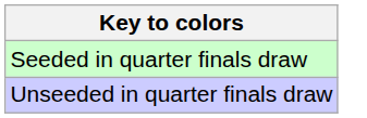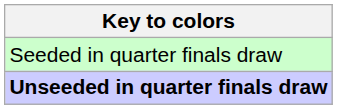 <table class="wikitable">
 <tr>
 <th>Key to colors</th>
 </tr>
 <tr bgcolor=#ccffcc>
 <td>Seeded in quarter finals draw</td>
 </tr>
 <tr bgcolor=#ccccff>
-<td>Unseeded in quarter finals draw</td>
+<td><strong>Unseeded in quarter finals draw</strong></td>
 </tr>
 </table>
